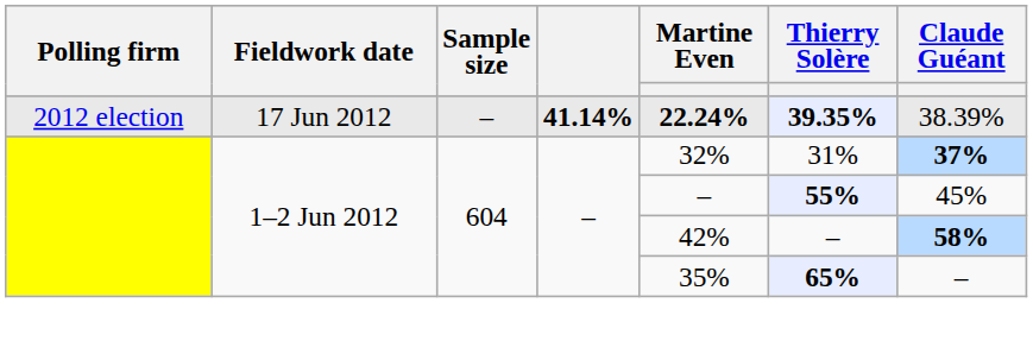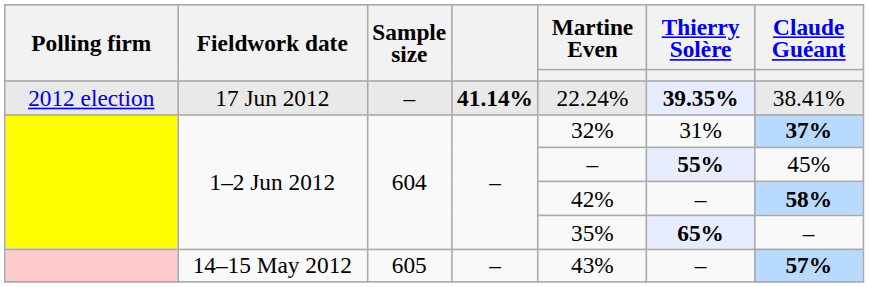 <table class="wikitable sortable" style="text-align:center;font-size:90%;line-height:14px;">
 <tr style="height:40px;">
 <th style="width:100px;" rowspan="2">Polling firm</th>
 <th style="width:110px;" rowspan="2">Fieldwork date</th>
 <th style="width:35px;" rowspan="2">Sample<br>size</th>
 <th style="width:30px;" rowspan="2"></th>
 <th class="unsortable" style="width:60px;">Martine Even<br></th>
 <th class="unsortable" style="width:60px;"><a href='#'>Thierry Solère</a><br></th>
 <th class="unsortable" style="width:60px;"><a href='#'>Claude Guéant</a><br></th>
 </tr>
 <tr>
 <th style="background:"></th>
 <th style="background:"></th>
 <th style="background:"></th>
 </tr>
 <tr style="background:#E9E9E9;">
 <td><a href='#'>2012 election</a></td>
 <td data-sort-value="2012-06-17">17 Jun 2012</td>
 <td>–</td>
 <td><strong>41.14%</strong></td>
-<td><strong>22.24%</strong></td>
+<td>22.24%</td>
 <td style="background:#E7EDFE;"><strong>39.35%</strong></td>
-<td>38.39%</td>
+<td>38.41%</td>
 </tr>
 <tr>
 <td rowspan="4" style="background:yellow;"></td>
 <td rowspan="4" data-sort-value="2012-06-02">1–2 Jun 2012</td>
 <td rowspan="4">604</td>
 <td rowspan="4">–</td>
 <td>32%</td>
 <td>31%</td>
 <td style="background:#B9DAFF;"><strong>37%</strong></td>
 </tr>
 <tr>
 <td>–</td>
 <td style="background:#E7EDFE;"><strong>55%</strong></td>
 <td>45%</td>
 </tr>
 <tr>
 <td>42%</td>
 <td>–</td>
 <td style="background:#B9DAFF;"><strong>58%</strong></td>
 </tr>
 <tr>
 <td>35%</td>
 <td style="background:#E7EDFE;"><strong>65%</strong></td>
 <td>–</td>
 </tr>
+<tr>
+<td style="background:#FFCCCC;"></td>
+<td data-sort-value="2012-05-15">14–15 May 2012</td>
+<td>605</td>
+<td>–</td>
+<td>43%</td>
+<td>–</td>
+<td style="background:#B9DAFF;"><strong>57%</strong></td>
+</tr>
 </table>
